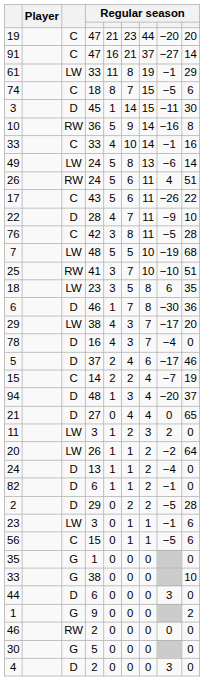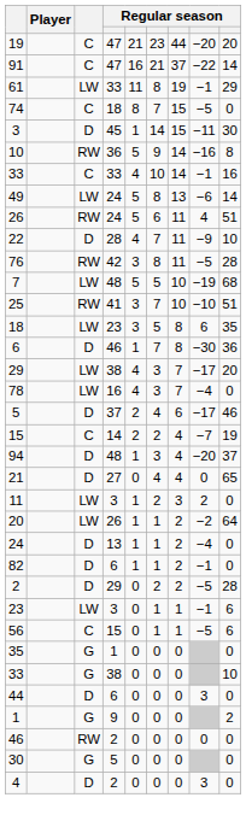 <table class="wikitable sortable plainrowheaders" style="text-align:center;">
 <tr>
 <th scope="col" data-sort-type="number" rowspan="2"></th>
 <th scope="col" rowspan="2">Player</th>
 <th scope="col" rowspan="2"></th>
 <th scope=colgroup colspan=6>Regular season</th>
 </tr>
 <tr>
 <th scope="col" data-sort-type="number"></th>
 <th scope="col" data-sort-type="number"></th>
 <th scope="col" data-sort-type="number"></th>
 <th scope="col" data-sort-type="number"></th>
 <th scope="col" data-sort-type="number"></th>
 <th scope="col" data-sort-type="number"></th>
 </tr>
 <tr>
 <td scope="row">19</td>
 <td align="left"></td>
 <td>C</td>
 <td>47</td>
 <td>21</td>
 <td>23</td>
 <td>44</td>
 <td>−20</td>
 <td>20</td>
 </tr>
 <tr>
 <td scope="row">91</td>
 <td align="left"></td>
 <td>C</td>
 <td>47</td>
 <td>16</td>
 <td>21</td>
 <td>37</td>
-<td>−27</td>
+<td>−22</td>
 <td>14</td>
 </tr>
 <tr>
 <td scope="row">61</td>
 <td align="left"></td>
 <td>LW</td>
 <td>33</td>
 <td>11</td>
 <td>8</td>
 <td>19</td>
 <td>−1</td>
 <td>29</td>
 </tr>
 <tr>
 <td scope="row">74</td>
 <td align="left"></td>
 <td>C</td>
 <td>18</td>
 <td>8</td>
 <td>7</td>
 <td>15</td>
 <td>−5</td>
-<td>6</td>
+<td>0</td>
 </tr>
 <tr>
 <td scope="row">3</td>
 <td align="left"></td>
 <td>D</td>
 <td>45</td>
 <td>1</td>
 <td>14</td>
 <td>15</td>
 <td>−11</td>
 <td>30</td>
 </tr>
 <tr>
 <td scope="row">10</td>
 <td align="left"></td>
 <td>RW</td>
 <td>36</td>
 <td>5</td>
 <td>9</td>
 <td>14</td>
 <td>−16</td>
 <td>8</td>
 </tr>
 <tr>
 <td scope="row">33</td>
 <td align="left"></td>
 <td>C</td>
 <td>33</td>
 <td>4</td>
 <td>10</td>
 <td>14</td>
 <td>−1</td>
 <td>16</td>
 </tr>
 <tr>
 <td scope="row">49</td>
 <td align="left"></td>
 <td>LW</td>
 <td>24</td>
 <td>5</td>
 <td>8</td>
 <td>13</td>
 <td>−6</td>
 <td>14</td>
 </tr>
 <tr>
 <td scope="row">26</td>
 <td align="left"></td>
 <td>RW</td>
 <td>24</td>
 <td>5</td>
 <td>6</td>
 <td>11</td>
 <td>4</td>
 <td>51</td>
 </tr>
 <tr>
-<td scope="row">17</td>
-<td align="left"></td>
-<td>C</td>
-<td>43</td>
-<td>5</td>
-<td>6</td>
-<td>11</td>
-<td>−26</td>
-<td>22</td>
-</tr>
-<tr>
 <td scope="row">22</td>
 <td align="left"></td>
 <td>D</td>
 <td>28</td>
 <td>4</td>
 <td>7</td>
 <td>11</td>
 <td>−9</td>
 <td>10</td>
 </tr>
 <tr>
 <td scope="row">76</td>
 <td align="left"></td>
-<td>C</td>
+<td>RW</td>
 <td>42</td>
 <td>3</td>
 <td>8</td>
 <td>11</td>
 <td>−5</td>
 <td>28</td>
 </tr>
 <tr>
 <td scope="row">7</td>
 <td align="left"></td>
 <td>LW</td>
 <td>48</td>
 <td>5</td>
 <td>5</td>
 <td>10</td>
 <td>−19</td>
 <td>68</td>
 </tr>
 <tr>
 <td scope="row">25</td>
 <td align="left"></td>
 <td>RW</td>
 <td>41</td>
 <td>3</td>
 <td>7</td>
 <td>10</td>
 <td>−10</td>
 <td>51</td>
 </tr>
 <tr>
 <td scope="row">18</td>
 <td align="left"></td>
 <td>LW</td>
 <td>23</td>
 <td>3</td>
 <td>5</td>
 <td>8</td>
 <td>6</td>
 <td>35</td>
 </tr>
 <tr>
 <td scope="row">6</td>
 <td align="left"></td>
 <td>D</td>
 <td>46</td>
 <td>1</td>
 <td>7</td>
 <td>8</td>
 <td>−30</td>
 <td>36</td>
 </tr>
 <tr>
 <td scope="row">29</td>
 <td align="left"></td>
 <td>LW</td>
 <td>38</td>
 <td>4</td>
 <td>3</td>
 <td>7</td>
 <td>−17</td>
 <td>20</td>
 </tr>
 <tr>
 <td scope="row">78</td>
 <td align="left"></td>
-<td>D</td>
+<td>LW</td>
 <td>16</td>
 <td>4</td>
 <td>3</td>
 <td>7</td>
 <td>−4</td>
 <td>0</td>
 </tr>
 <tr>
 <td scope="row">5</td>
 <td align="left"></td>
 <td>D</td>
 <td>37</td>
 <td>2</td>
 <td>4</td>
 <td>6</td>
 <td>−17</td>
 <td>46</td>
 </tr>
 <tr>
 <td scope="row">15</td>
 <td align="left"></td>
 <td>C</td>
 <td>14</td>
 <td>2</td>
 <td>2</td>
 <td>4</td>
 <td>−7</td>
 <td>19</td>
 </tr>
 <tr>
 <td scope="row">94</td>
 <td align="left"></td>
 <td>D</td>
 <td>48</td>
 <td>1</td>
 <td>3</td>
 <td>4</td>
 <td>−20</td>
 <td>37</td>
 </tr>
 <tr>
 <td scope="row">21</td>
 <td align="left"></td>
 <td>D</td>
 <td>27</td>
 <td>0</td>
 <td>4</td>
 <td>4</td>
 <td>0</td>
 <td>65</td>
 </tr>
 <tr>
 <td scope="row">11</td>
 <td align="left"></td>
 <td>LW</td>
 <td>3</td>
 <td>1</td>
 <td>2</td>
 <td>3</td>
 <td>2</td>
 <td>0</td>
 </tr>
 <tr>
 <td scope="row">20</td>
 <td align="left"></td>
 <td>LW</td>
 <td>26</td>
 <td>1</td>
 <td>1</td>
 <td>2</td>
 <td>−2</td>
 <td>64</td>
 </tr>
 <tr>
 <td scope="row">24</td>
 <td align="left"></td>
 <td>D</td>
 <td>13</td>
 <td>1</td>
 <td>1</td>
 <td>2</td>
 <td>−4</td>
 <td>0</td>
 </tr>
 <tr>
 <td scope="row">82</td>
 <td align="left"></td>
 <td>D</td>
 <td>6</td>
 <td>1</td>
 <td>1</td>
 <td>2</td>
 <td>−1</td>
 <td>0</td>
 </tr>
 <tr>
 <td scope="row">2</td>
 <td align="left"></td>
 <td>D</td>
 <td>29</td>
 <td>0</td>
 <td>2</td>
 <td>2</td>
 <td>−5</td>
 <td>28</td>
 </tr>
 <tr>
 <td scope="row">23</td>
 <td align="left"></td>
 <td>LW</td>
 <td>3</td>
 <td>0</td>
 <td>1</td>
 <td>1</td>
 <td>−1</td>
 <td>6</td>
 </tr>
 <tr>
 <td scope="row">56</td>
 <td align="left"></td>
 <td>C</td>
 <td>15</td>
 <td>0</td>
 <td>1</td>
 <td>1</td>
 <td>−5</td>
 <td>6</td>
 </tr>
 <tr>
 <td scope="row">35</td>
 <td align="left"></td>
 <td>G</td>
 <td>1</td>
 <td>0</td>
 <td>0</td>
 <td>0</td>
 <td style="background:#ccc"></td>
 <td>0</td>
 </tr>
 <tr>
 <td scope="row">33</td>
 <td align="left"></td>
 <td>G</td>
 <td>38</td>
 <td>0</td>
 <td>0</td>
 <td>0</td>
 <td style="background:#ccc"></td>
 <td>10</td>
 </tr>
 <tr>
 <td scope="row">44</td>
 <td align="left"></td>
 <td>D</td>
 <td>6</td>
 <td>0</td>
 <td>0</td>
 <td>0</td>
 <td>3</td>
 <td>0</td>
 </tr>
 <tr>
 <td scope="row">1</td>
 <td align="left"></td>
 <td>G</td>
 <td>9</td>
 <td>0</td>
 <td>0</td>
 <td>0</td>
 <td style="background:#ccc"></td>
 <td>2</td>
 </tr>
 <tr>
 <td scope="row">46</td>
 <td align="left"></td>
 <td>RW</td>
 <td>2</td>
 <td>0</td>
 <td>0</td>
 <td>0</td>
 <td>0</td>
 <td>0</td>
 </tr>
 <tr>
 <td scope="row">30</td>
 <td align="left"></td>
 <td>G</td>
 <td>5</td>
 <td>0</td>
 <td>0</td>
 <td>0</td>
 <td style="background:#ccc"></td>
 <td>0</td>
 </tr>
 <tr>
 <td scope="row">4</td>
 <td align="left"></td>
 <td>D</td>
 <td>2</td>
 <td>0</td>
 <td>0</td>
 <td>0</td>
 <td>3</td>
 <td>0</td>
 </tr>
 </table>
